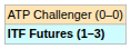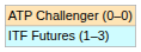 <table class=wikitable style=font-size:97%>
 <tr bgcolor=moccasin>
 <td>ATP Challenger (0–0)</td>
 </tr>
 <tr bgcolor=cffcff>
-<td><strong>ITF Futures (1–3)</strong></td>
+<td>ITF Futures (1–3)</td>
 </tr>
 </table>
